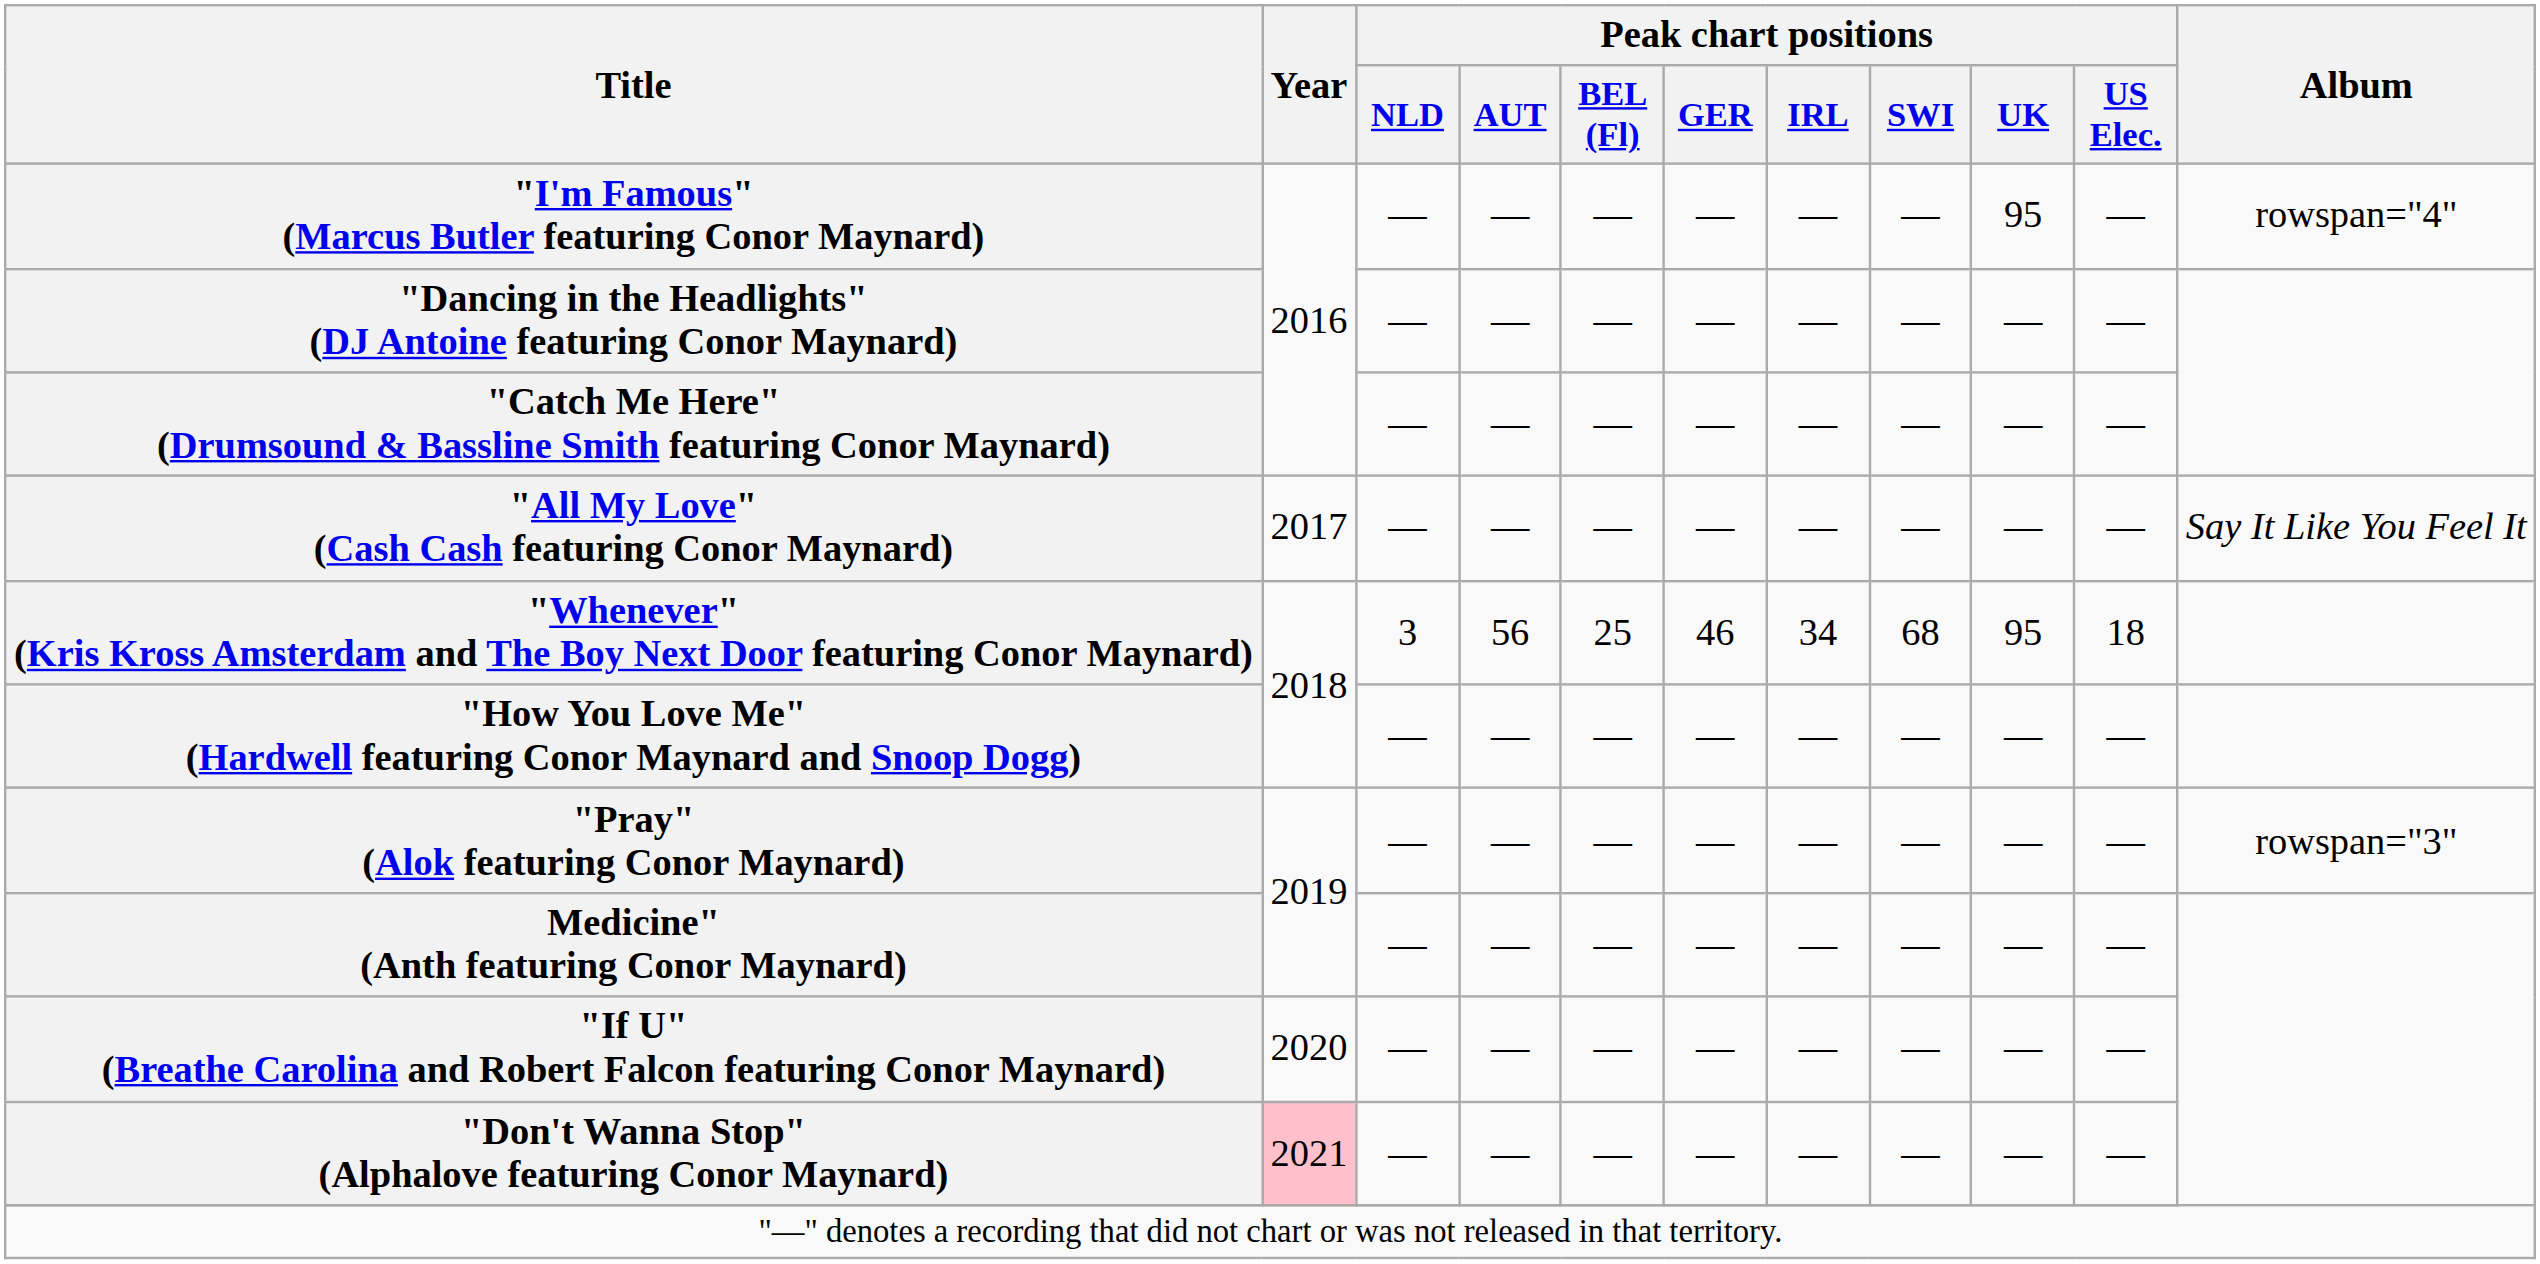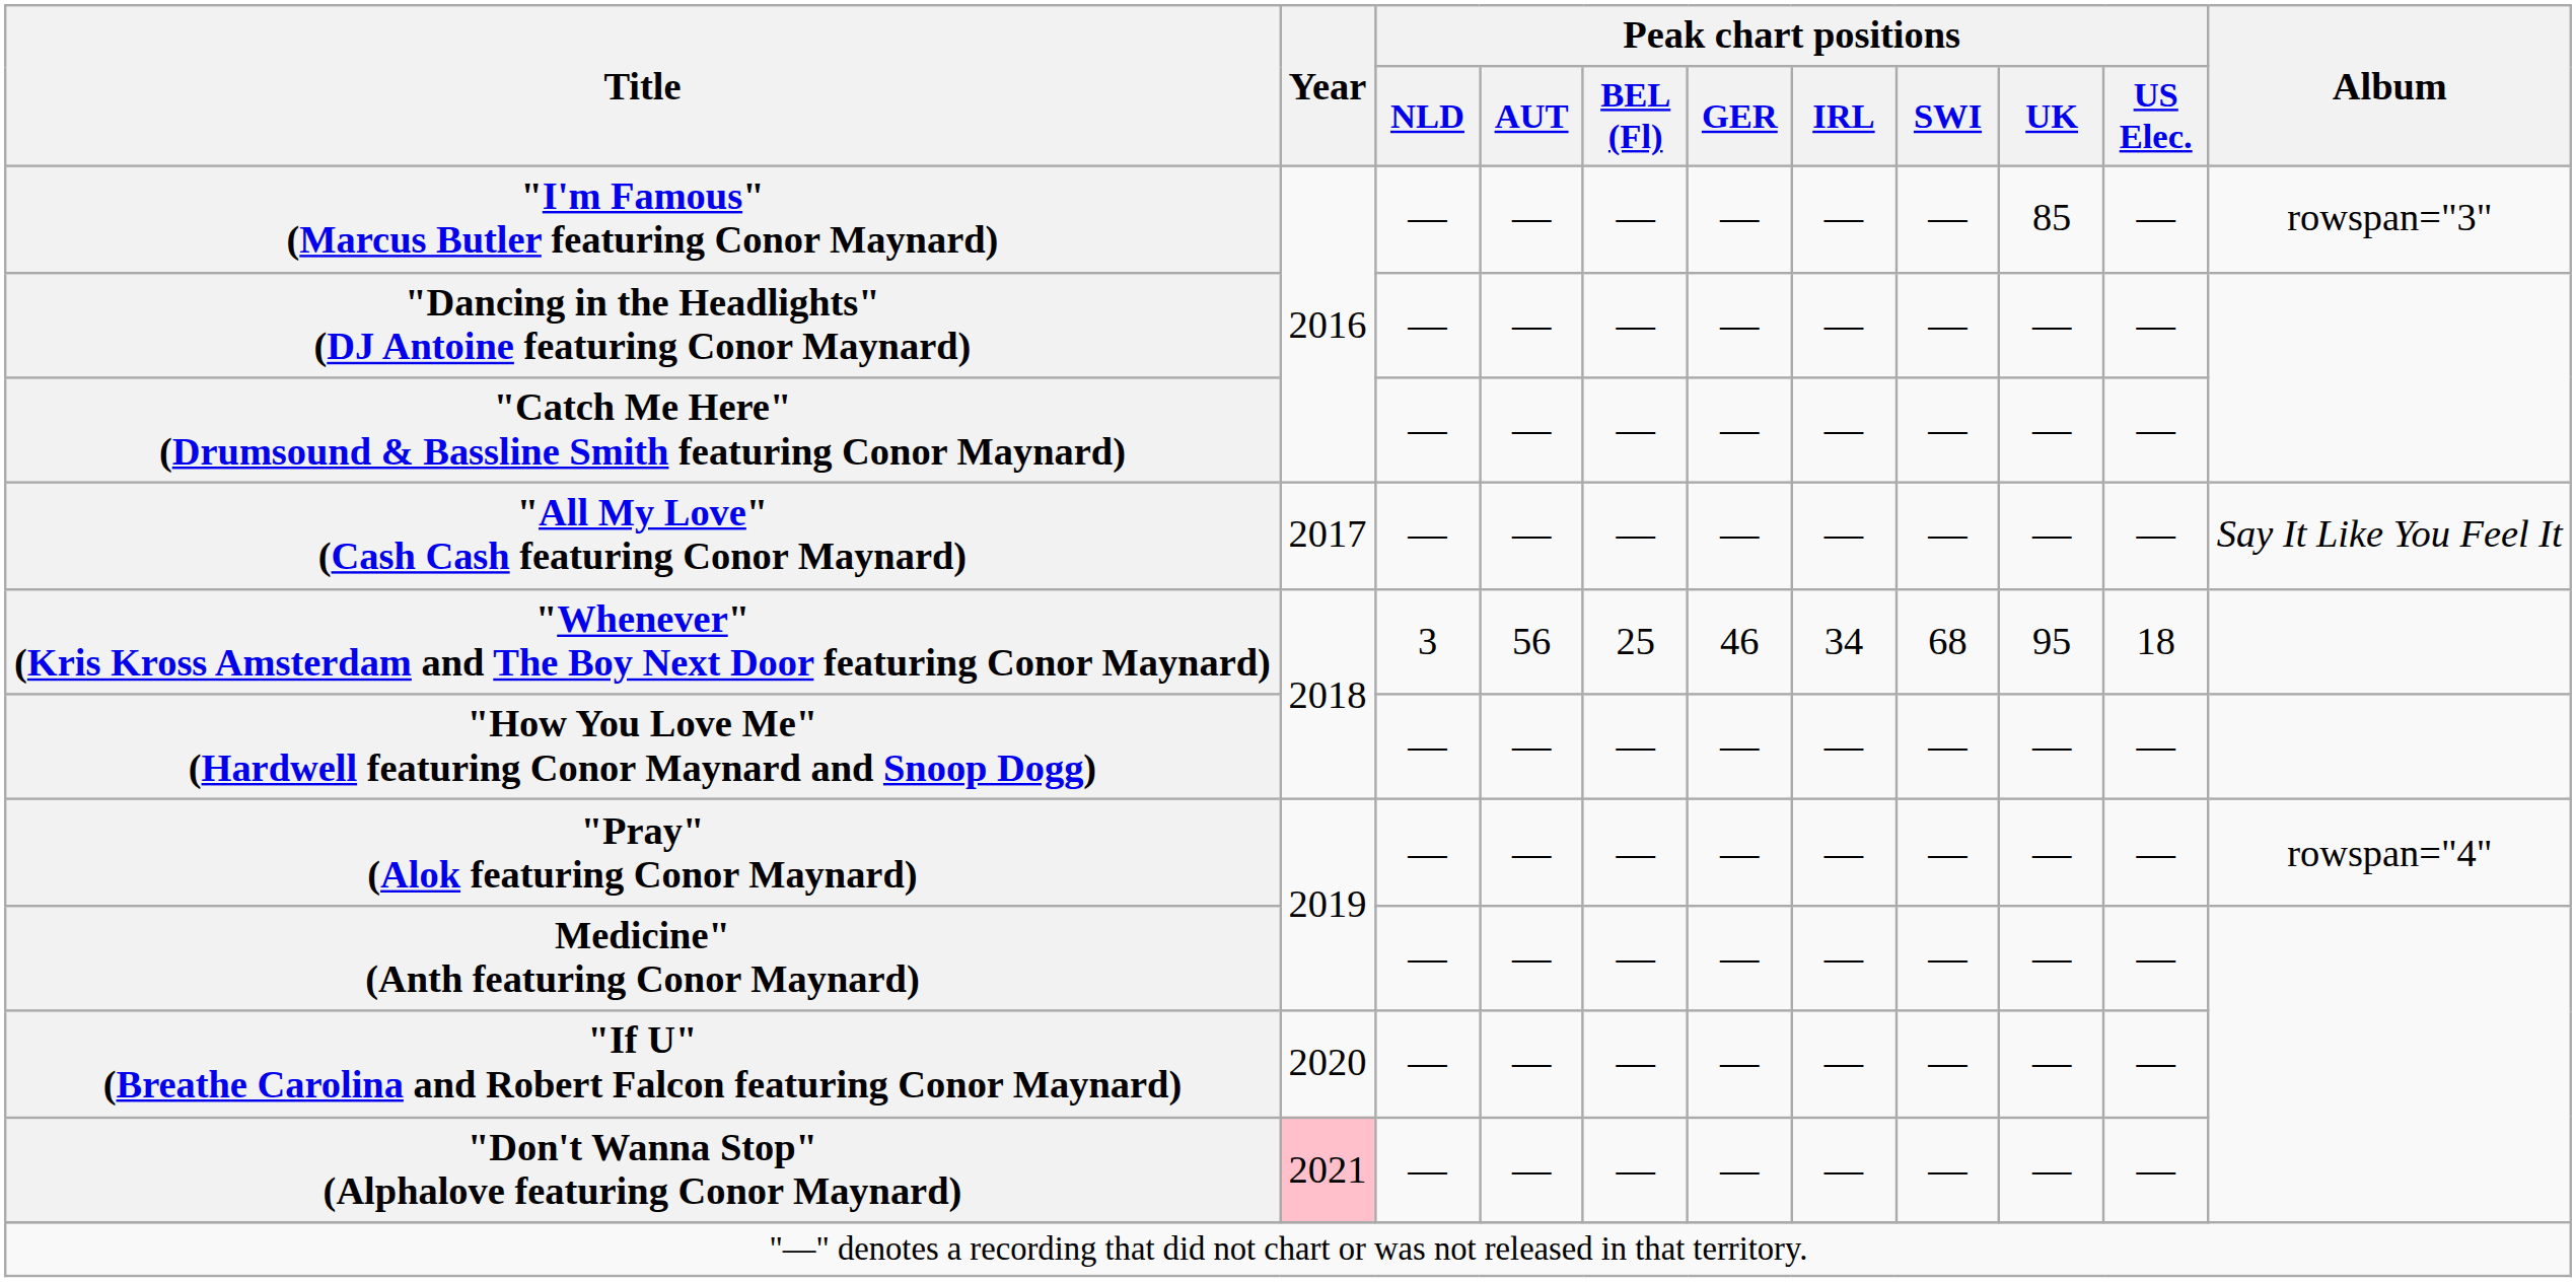 <table class="wikitable plainrowheaders" style="text-align:center;">
 <tr>
 <th scope="col" rowspan="2">Title</th>
 <th scope="col" rowspan="2">Year</th>
 <th scope="col" colspan="8">Peak chart positions</th>
 <th scope="col" rowspan="2">Album</th>
 </tr>
 <tr>
 <th scope="col" style="width:2.5em;font-size:90%;"><a href='#'>NLD</a><br></th>
 <th scope="col" style="width:2.5em;font-size:90%;"><a href='#'>AUT</a><br></th>
 <th scope="col" style="width:2.5em;font-size:90%;"><a href='#'>BEL (Fl)</a><br></th>
 <th scope="col" style="width:2.5em;font-size:90%;"><a href='#'>GER</a><br></th>
 <th scope="col" style="width:2.5em;font-size:90%;"><a href='#'>IRL</a><br></th>
 <th scope="col" style="width:2.5em;font-size:90%;"><a href='#'>SWI</a><br></th>
 <th scope="col" style="width:2.5em;font-size:90%;"><a href='#'>UK</a><br></th>
 <th scope="col" style="width:2.5em;font-size:90%;"><a href='#'>US<br>Elec.</a><br></th>
 </tr>
 <tr>
 <th scope="row">"<a href='#'>I'm Famous</a>"<br><span>(<a href='#'>Marcus Butler</a> featuring Conor Maynard)</span></th>
 <td rowspan="3">2016</td>
 <td>—</td>
 <td>—</td>
 <td>—</td>
 <td>—</td>
 <td>—</td>
 <td>—</td>
-<td>95<br></td>
+<td>85</td>
 <td>—</td>
-<td>rowspan="4" </td>
+<td>rowspan="3" </td>
 </tr>
 <tr>
 <th scope="row">"Dancing in the Headlights"<br><span>(<a href='#'>DJ Antoine</a> featuring Conor Maynard)</span></th>
 <td>—</td>
 <td>—</td>
 <td>—</td>
 <td>—</td>
 <td>—</td>
 <td>—</td>
 <td>—</td>
 <td>—</td>
 </tr>
 <tr>
 <th scope="row">"Catch Me Here"<br><span>(<a href='#'>Drumsound & Bassline Smith</a> featuring Conor Maynard)</span></th>
 <td>—</td>
 <td>—</td>
 <td>—</td>
 <td>—</td>
 <td>—</td>
 <td>—</td>
 <td>—</td>
 <td>—</td>
 </tr>
 <tr>
 <th scope="row">"<a href='#'>All My Love</a>"<br><span>(<a href='#'>Cash Cash</a> featuring Conor Maynard)</span></th>
 <td>2017</td>
 <td>—</td>
 <td>—</td>
 <td>—</td>
 <td>—</td>
 <td>—</td>
 <td>—</td>
 <td>—</td>
 <td>—</td>
 <td><em>Say It Like You Feel It</em></td>
 </tr>
 <tr>
 <th scope="row">"<a href='#'>Whenever</a>" <br><span>(<a href='#'>Kris Kross Amsterdam</a> and <a href='#'>The Boy Next Door</a> featuring Conor Maynard)</span></th>
 <td rowspan="2">2018</td>
 <td>3</td>
 <td>56</td>
 <td>25</td>
 <td>46</td>
 <td>34<br></td>
 <td>68</td>
 <td>95<br></td>
 <td>18</td>
 <td></td>
 </tr>
 <tr>
 <th scope="row">"How You Love Me"<br><span>(<a href='#'>Hardwell</a> featuring Conor Maynard and <a href='#'>Snoop Dogg</a>)</span></th>
 <td>—</td>
 <td>—</td>
 <td>—</td>
 <td>—</td>
 <td>—</td>
 <td>—</td>
 <td>—</td>
 <td>—</td>
 <td></td>
 </tr>
 <tr>
 <th scope="row">"Pray" <span></span><br><span>(<a href='#'>Alok</a> featuring Conor Maynard)</span></th>
 <td rowspan="2">2019</td>
 <td>—</td>
 <td>—</td>
 <td>—</td>
 <td>—</td>
 <td>—</td>
 <td>—</td>
 <td>—</td>
 <td>—</td>
-<td>rowspan="3" </td>
+<td>rowspan="4" </td>
 </tr>
 <tr>
 <th scope="row">Medicine" <span></span><br><span>(Anth featuring Conor Maynard)</span></th>
 <td>—</td>
 <td>—</td>
 <td>—</td>
 <td>—</td>
 <td>—</td>
 <td>—</td>
 <td>—</td>
 <td>—</td>
 </tr>
 <tr>
 <th scope="row">"If U" <br><span>(<a href='#'>Breathe Carolina</a> and Robert Falcon featuring Conor Maynard)</span></th>
 <td>2020</td>
 <td>—</td>
 <td>—</td>
 <td>—</td>
 <td>—</td>
 <td>—</td>
 <td>—</td>
 <td>—</td>
 <td>—</td>
 </tr>
 <tr>
 <th scope="row">"Don't Wanna Stop" <span></span><br><span>(Alphalove featuring Conor Maynard)</span></th>
 <td style="background: pink;">2021</td>
 <td>—</td>
 <td>—</td>
 <td>—</td>
 <td>—</td>
 <td>—</td>
 <td>—</td>
 <td>—</td>
 <td>—</td>
 </tr>
 <tr>
 </tr>
 <tr>
 <td colspan="20" style="text-align:center; font-size:85%;">"—" denotes a recording that did not chart or was not released in that territory.</td>
 </tr>
 </table>
